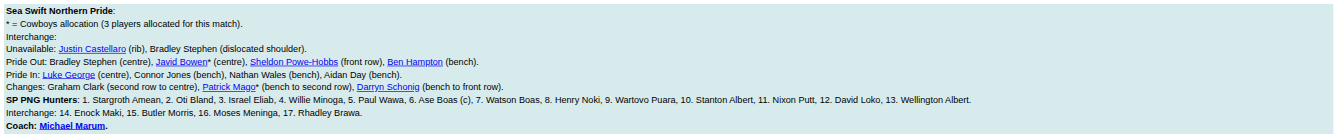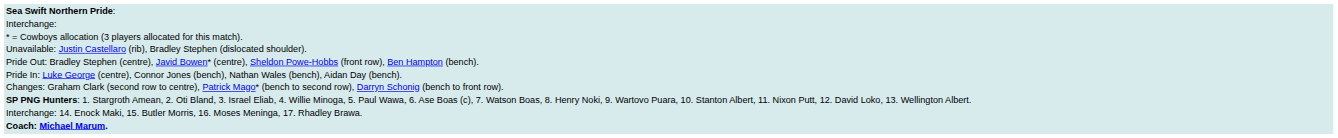 <table style="background:#d7ebed; font-size:85%; width:100%;">
 <tr>
 <td><strong>Sea Swift Northern Pride</strong>:             </td>
 </tr>
 <tr>
-<td>* = Cowboys allocation (3 players allocated for this match).</td>
+<td>Interchange:    </td>
 </tr>
 <tr>
-<td>Interchange:    </td>
+<td>* = Cowboys allocation (3 players allocated for this match).</td>
 </tr>
 <tr>
 <td>Unavailable: <a href='#'>Justin Castellaro</a> (rib), Bradley Stephen (dislocated shoulder).</td>
 </tr>
 <tr>
 <td>Pride Out: Bradley Stephen (centre), <a href='#'>Javid Bowen</a>* (centre), <a href='#'>Sheldon Powe-Hobbs</a> (front row), <a href='#'>Ben Hampton</a> (bench).</td>
 </tr>
 <tr>
 <td>Pride In: <a href='#'>Luke George</a> (centre), Connor Jones (bench), Nathan Wales (bench), Aidan Day (bench).</td>
 </tr>
 <tr>
 <td>Changes: Graham Clark (second row to centre), <a href='#'>Patrick Mago</a>* (bench to second row), <a href='#'>Darryn Schonig</a> (bench to front row).</td>
 </tr>
 <tr>
 <td><strong>SP PNG Hunters</strong>: 1. Stargroth Amean, 2. Oti Bland, 3. Israel Eliab, 4. Willie Minoga, 5. Paul Wawa, 6. Ase Boas (c), 7. Watson Boas, 8. Henry Noki, 9. Wartovo Puara, 10. Stanton Albert, 11. Nixon Putt, 12. David Loko, 13. Wellington Albert.</td>
 </tr>
 <tr>
 <td>Interchange: 14. Enock Maki, 15. Butler Morris, 16. Moses Meninga, 17. Rhadley Brawa.</td>
 </tr>
 <tr>
 <td><strong>Coach: <a href='#'>Michael Marum</a>.</strong></td>
 </tr>
 <tr>
 </tr>
 </table>
